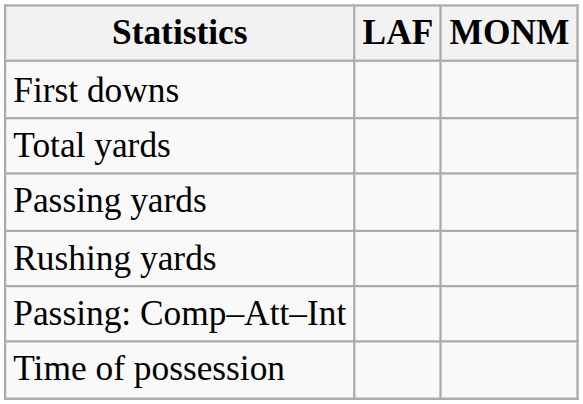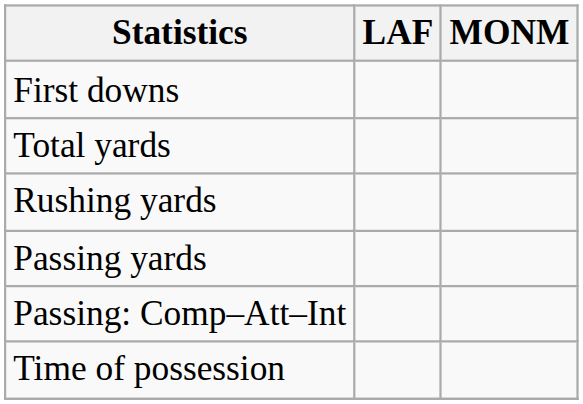 <table class="wikitable" style="float: left;">
 <tr>
 <th>Statistics</th>
 <th>LAF</th>
 <th>MONM</th>
 </tr>
 <tr>
 <td>First downs</td>
 <td></td>
 <td></td>
 </tr>
 <tr>
 <td>Total yards</td>
 <td></td>
 <td></td>
 </tr>
 <tr>
-<td>Passing yards</td>
+<td>Rushing yards</td>
 <td></td>
 <td></td>
 </tr>
 <tr>
-<td>Rushing yards</td>
+<td>Passing yards</td>
 <td></td>
 <td></td>
 </tr>
 <tr>
 <td>Passing: Comp–Att–Int</td>
 <td></td>
 <td></td>
 </tr>
 <tr>
 <td>Time of possession</td>
 <td></td>
 <td></td>
 </tr>
 <tr>
 </tr>
 </table>
